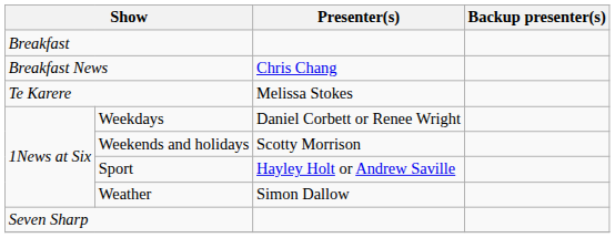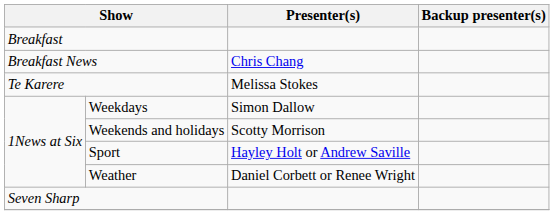 <table class=wikitable>
 <tr>
 <th colspan=2>Show</th>
 <th>Presenter(s)</th>
 <th>Backup presenter(s)</th>
 </tr>
 <tr>
 <td colspan=2><em>Breakfast</em></td>
 <td></td>
 <td></td>
 </tr>
 <tr>
 <td colspan=2><em>Breakfast News</em></td>
 <td><a href='#'>Chris Chang</a></td>
 <td></td>
 </tr>
 <tr>
 <td colspan=2><em>Te Karere</em></td>
 <td>Melissa Stokes</td>
 <td></td>
 </tr>
 <tr>
 <td rowspan=4><em>1News at Six</em></td>
 <td>Weekdays</td>
-<td>Daniel Corbett or Renee Wright</td>
+<td>Simon Dallow</td>
 <td></td>
 </tr>
 <tr>
 <td>Weekends and holidays</td>
 <td>Scotty Morrison</td>
 <td></td>
 </tr>
 <tr>
 <td>Sport</td>
 <td><a href='#'>Hayley Holt</a> or <a href='#'>Andrew Saville</a></td>
 <td></td>
 </tr>
 <tr>
 <td>Weather</td>
-<td>Simon Dallow</td>
+<td>Daniel Corbett or Renee Wright</td>
 <td></td>
 </tr>
 <tr>
 <td colspan="2"><em>Seven Sharp</em></td>
 <td></td>
 <td></td>
 </tr>
 <tr>
 </tr>
 </table>
